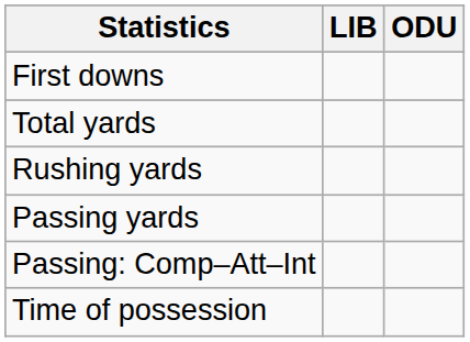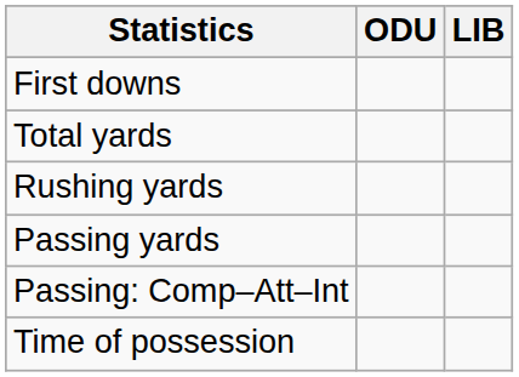 <table class="wikitable" style="float: left;">
 <tr>
 <th>Statistics</th>
+<th>ODU</th>
 <th>LIB</th>
-<th>ODU</th>
 </tr>
 <tr>
 <td>First downs</td>
 <td></td>
 <td></td>
 </tr>
 <tr>
 <td>Total yards</td>
 <td></td>
 <td></td>
 </tr>
 <tr>
 <td>Rushing yards</td>
 <td></td>
 <td></td>
 </tr>
 <tr>
 <td>Passing yards</td>
 <td></td>
 <td></td>
 </tr>
 <tr>
 <td>Passing: Comp–Att–Int</td>
 <td></td>
 <td></td>
 </tr>
 <tr>
 <td>Time of possession</td>
 <td></td>
 <td></td>
 </tr>
 </table>
